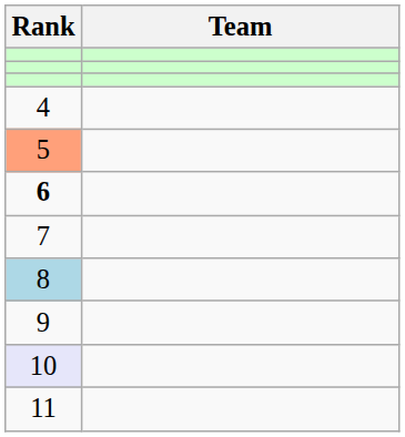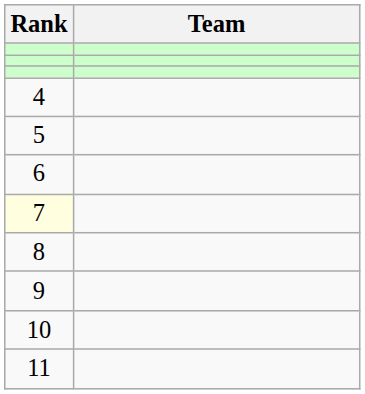 <table class=wikitable style="text-align:center;">
 <tr>
 <th>Rank</th>
 <th width=180>Team</th>
 </tr>
 <tr bgcolor=#CCFFCC>
 <td></td>
 <td align=left></td>
 </tr>
 <tr bgcolor=#CCFFCC>
 <td></td>
 <td align=left></td>
 </tr>
 <tr bgcolor=#CCFFCC>
 <td></td>
 <td align=left></td>
 </tr>
 <tr>
 <td>4</td>
 <td align=left></td>
 </tr>
 <tr>
-<td style="background: lightsalmon;">5</td>
+<td>5</td>
 <td align=left></td>
 </tr>
 <tr>
-<td><strong>6</strong></td>
+<td>6</td>
 <td align=left></td>
 </tr>
 <tr>
-<td>7</td>
+<td style="background: lightyellow;">7</td>
 <td align=left></td>
 </tr>
 <tr>
-<td style="background: lightblue;">8</td>
+<td>8</td>
 <td align=left></td>
 </tr>
 <tr>
 <td>9</td>
 <td align=left></td>
 </tr>
 <tr>
-<td style="background: lavender;">10</td>
+<td>10</td>
 <td align=left></td>
 </tr>
 <tr>
 <td>11</td>
 <td align=left></td>
 </tr>
 </table>
